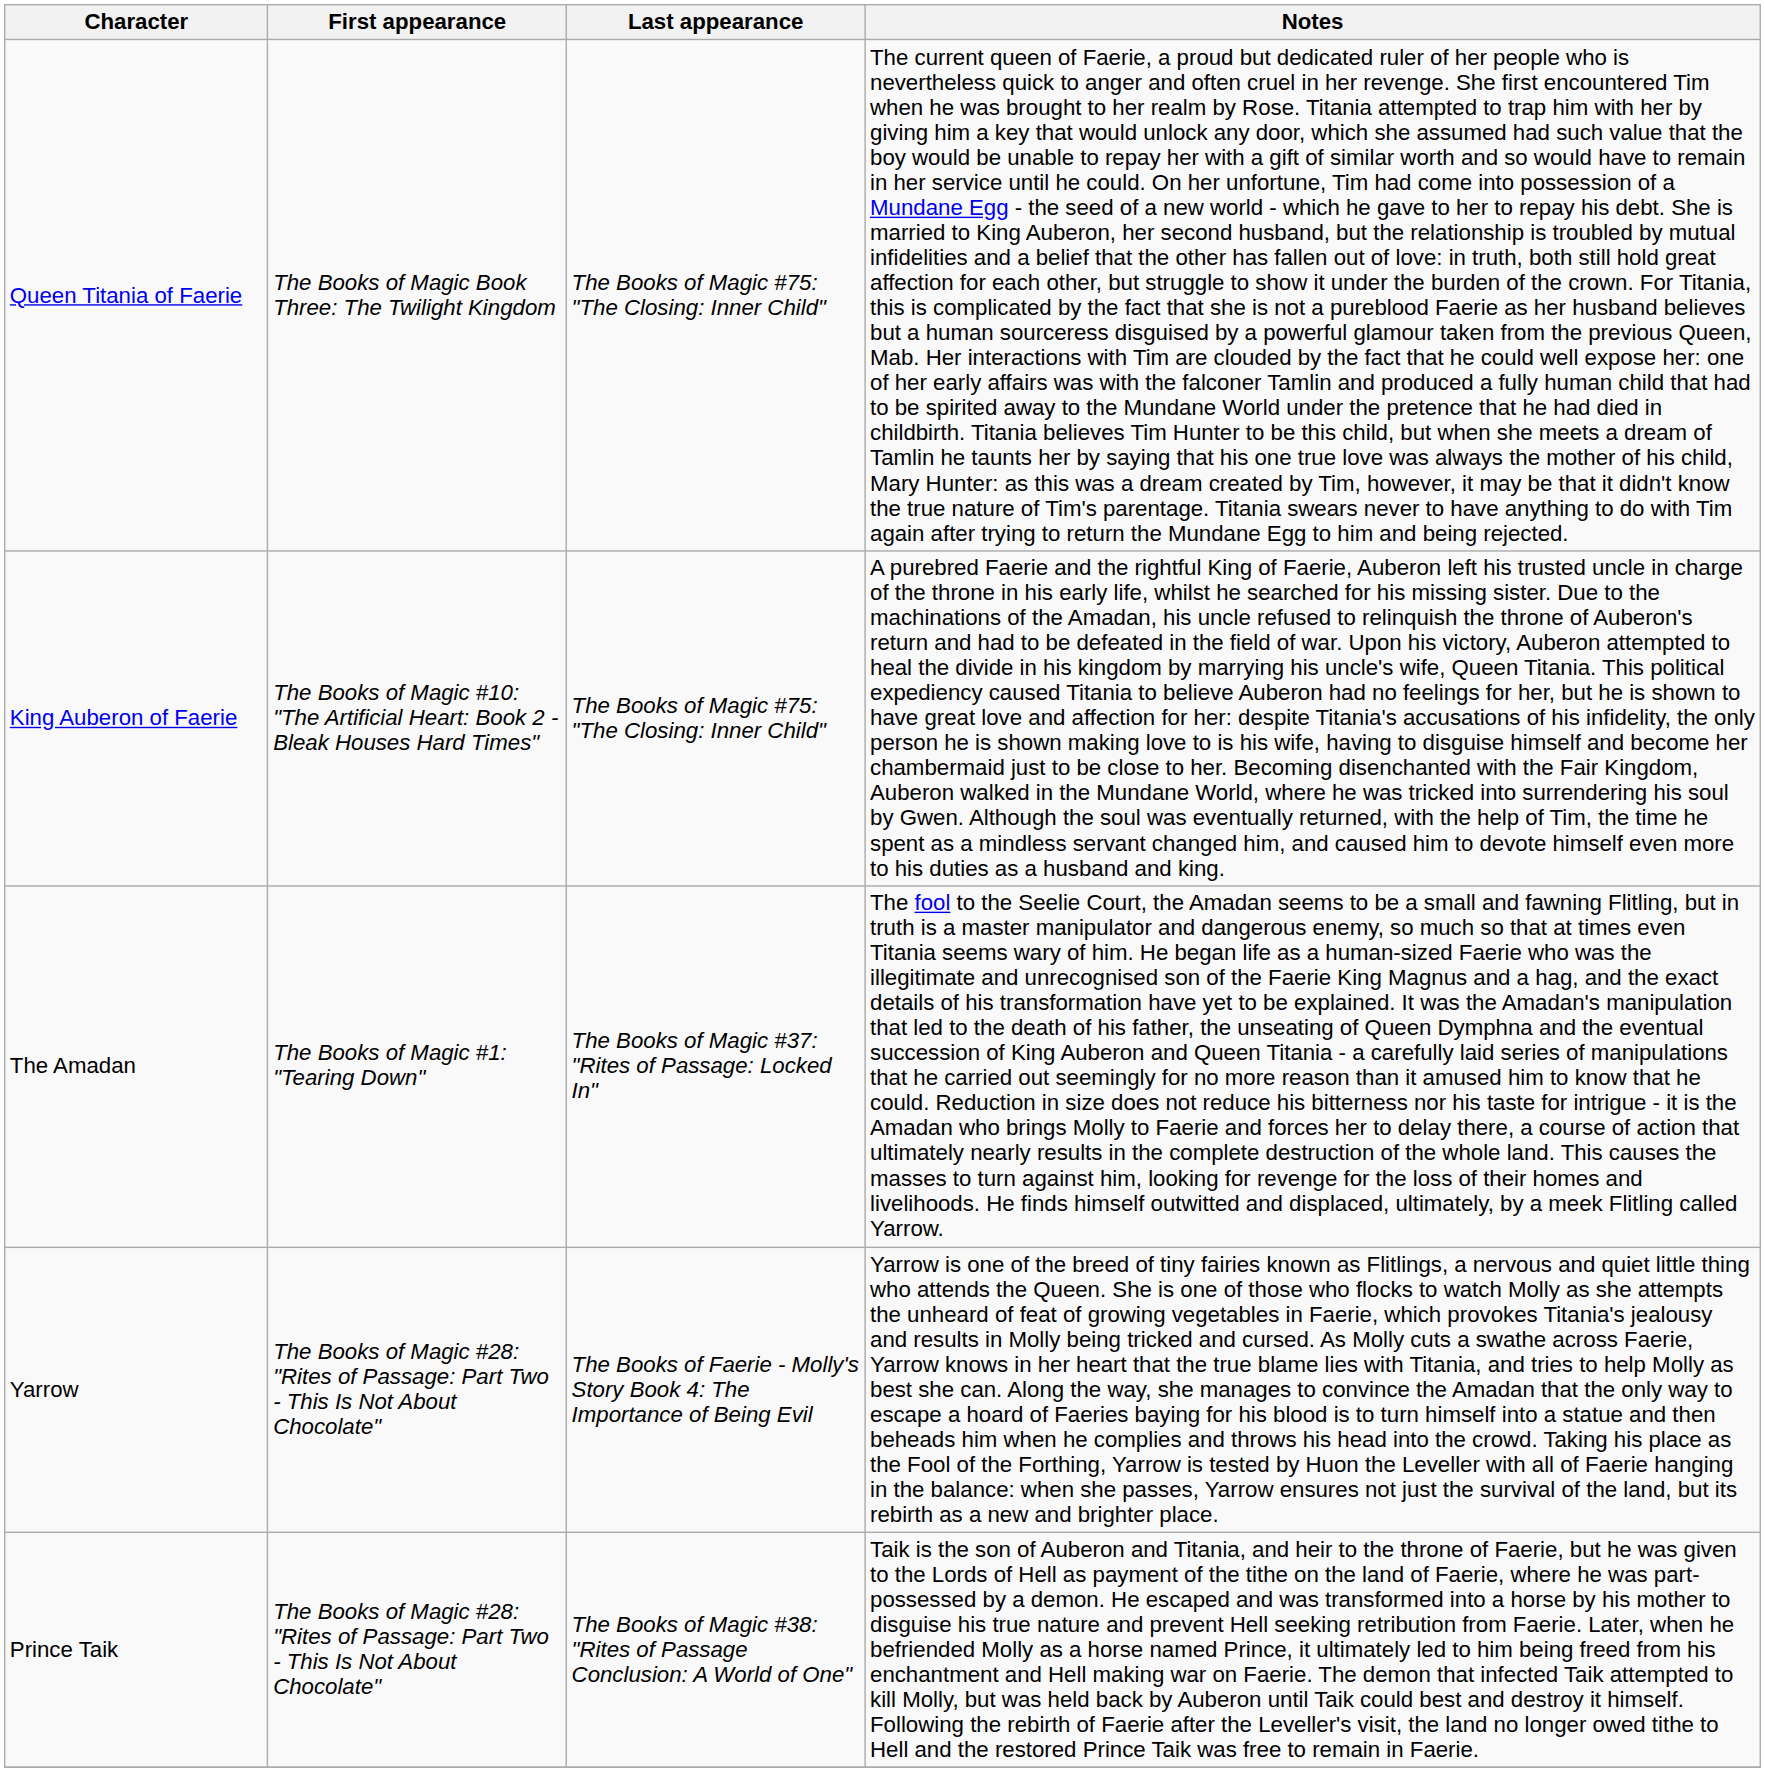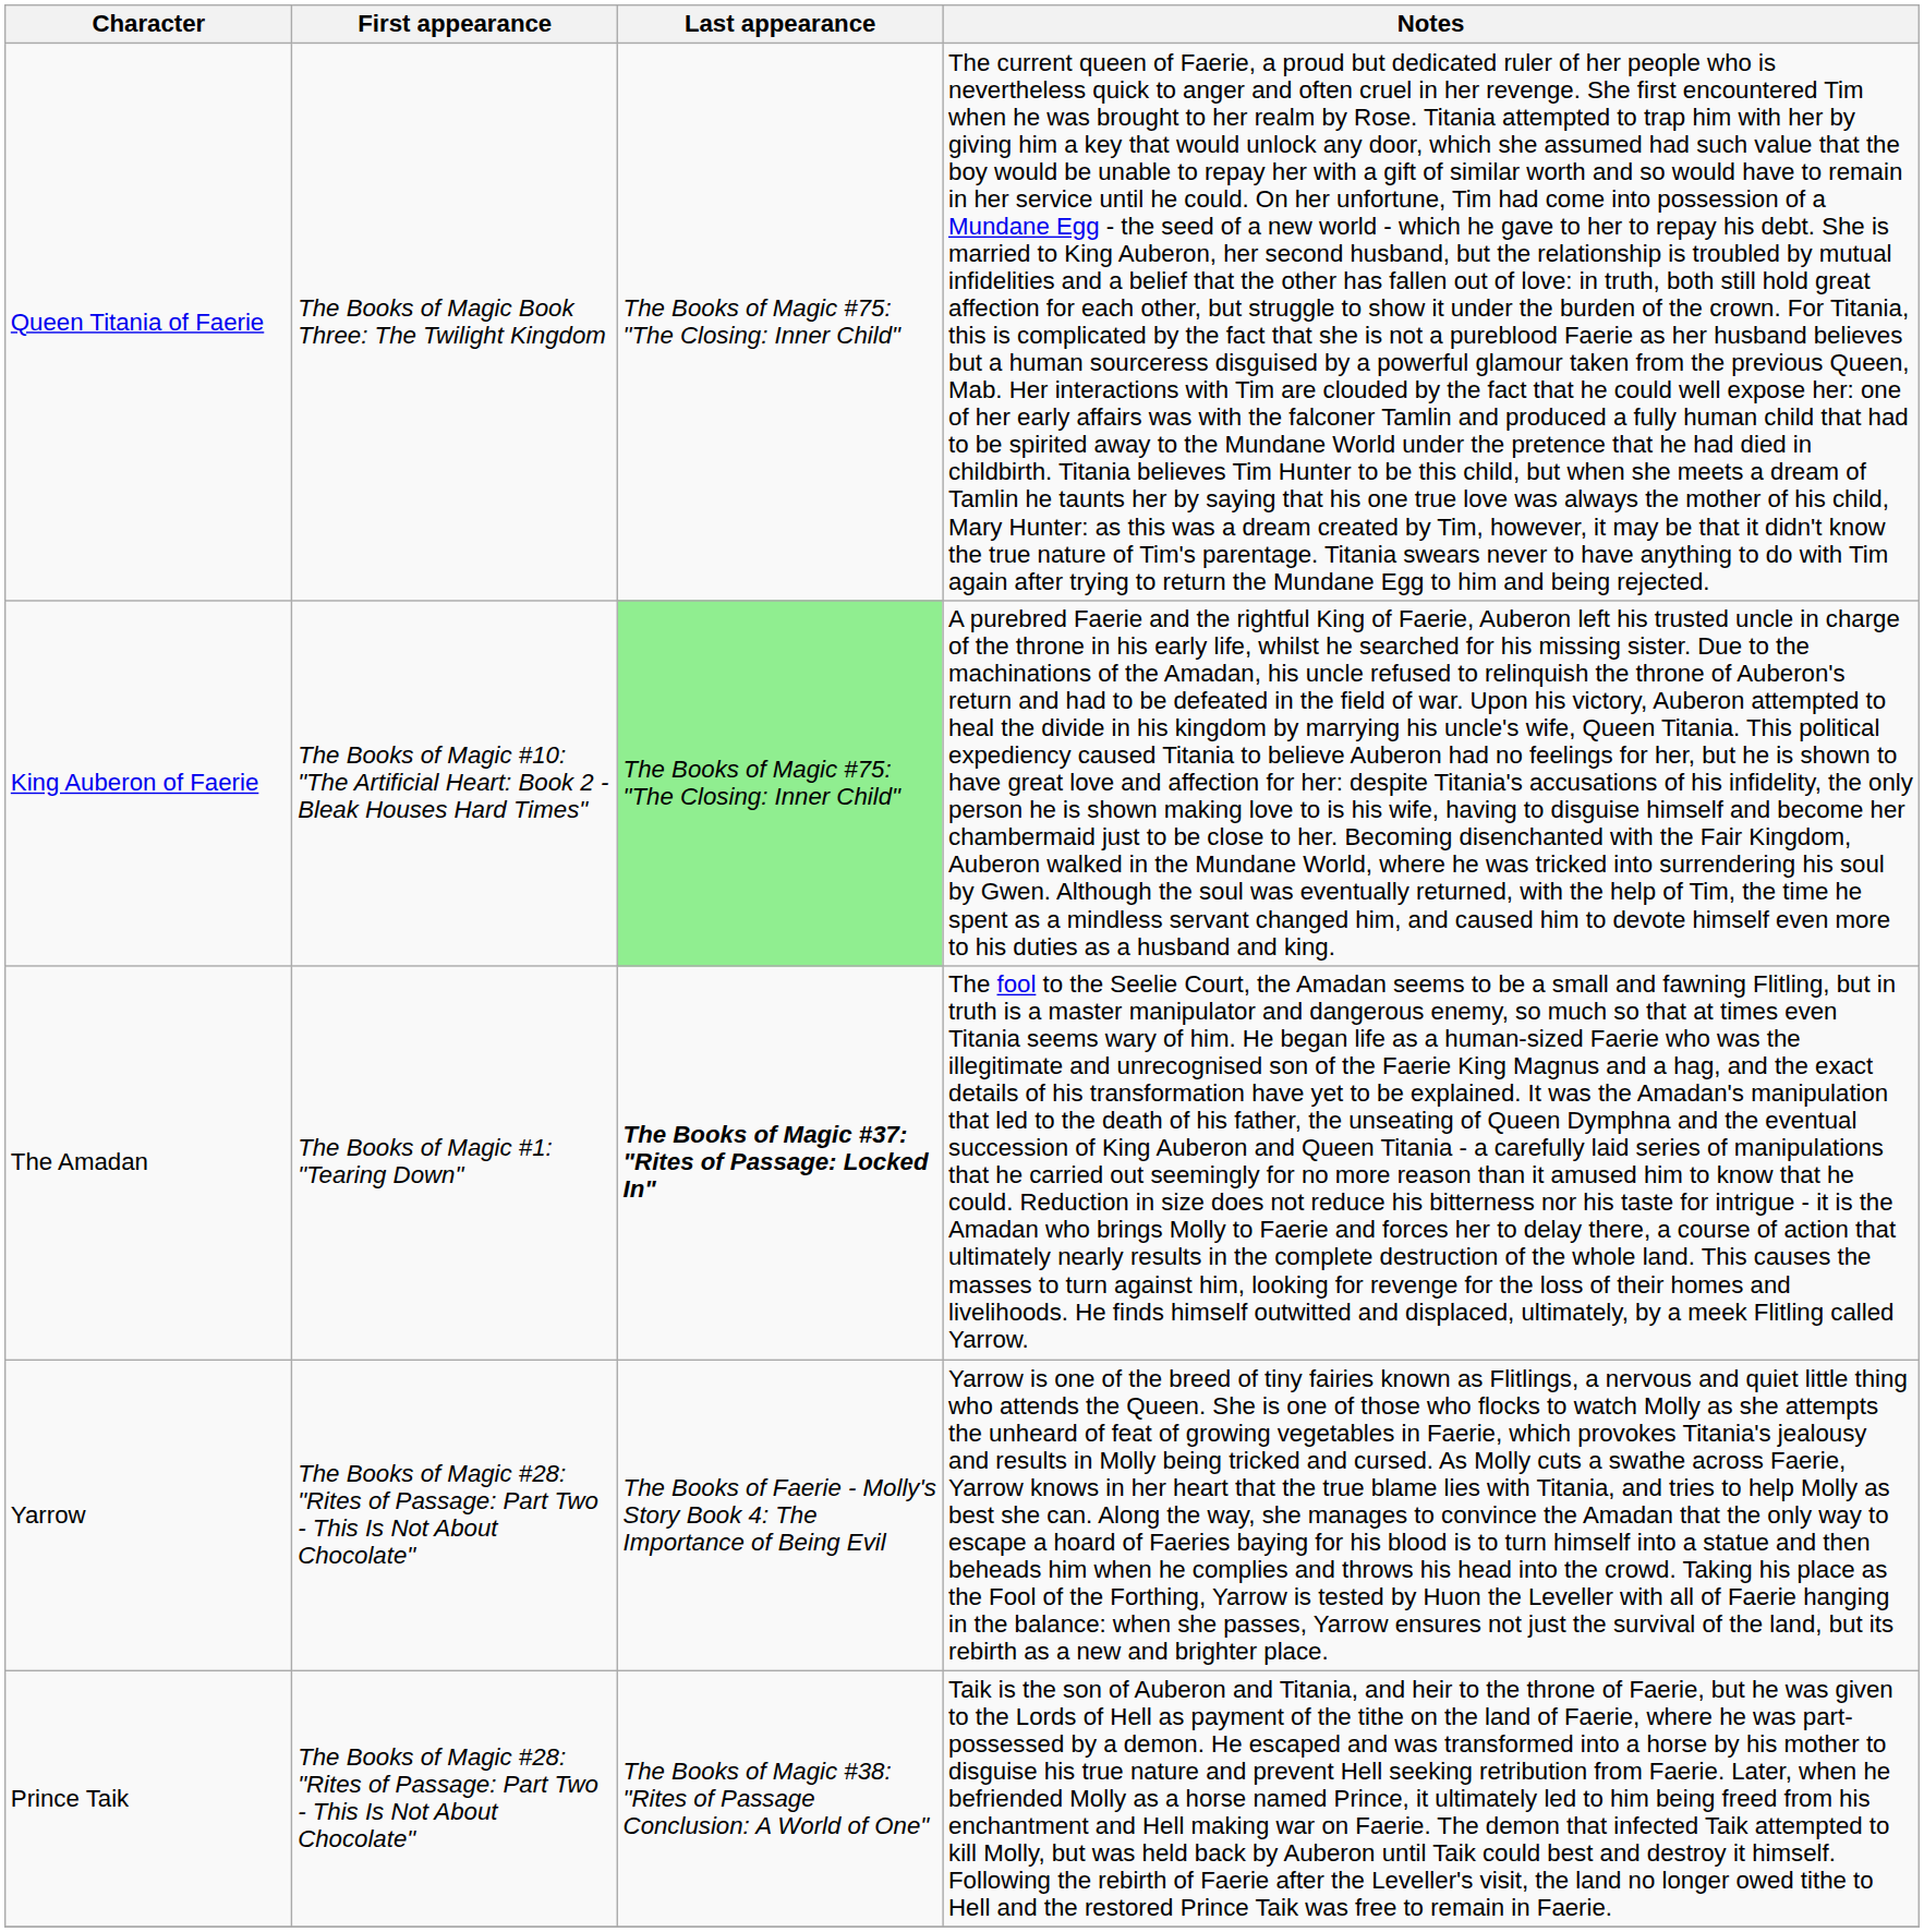 <table class="wikitable" width=100%>
 <tr>
 <th width=15%>Character</th>
 <th width=17%>First appearance</th>
 <th width=17%>Last appearance</th>
 <th width=51%>Notes</th>
 </tr>
 <tr>
 <td><a href='#'>Queen Titania of Faerie</a></td>
 <td><em>The Books of Magic Book Three: The Twilight Kingdom</em></td>
 <td><em>The Books of Magic #75: "The Closing: Inner Child"</em></td>
 <td>The current queen of Faerie, a proud but dedicated ruler of her people who is nevertheless quick to anger and often cruel in her revenge. She first encountered Tim when he was brought to her realm by Rose. Titania attempted to trap him with her by giving him a key that would unlock any door, which she assumed had such value that the boy would be unable to repay her with a gift of similar worth and so would have to remain in her service until he could. On her unfortune, Tim had come into possession of a <a href='#'>Mundane Egg</a> - the seed of a new world - which he gave to her to repay his debt. She is married to King Auberon, her second husband, but the relationship is troubled by mutual infidelities and a belief that the other has fallen out of love: in truth, both still hold great affection for each other, but struggle to show it under the burden of the crown. For Titania, this is complicated by the fact that she is not a pureblood Faerie as her husband believes but a human sourceress disguised by a powerful glamour taken from the previous Queen, Mab. Her interactions with Tim are clouded by the fact that he could well expose her: one of her early affairs was with the falconer Tamlin and produced a fully human child that had to be spirited away to the Mundane World under the pretence that he had died in childbirth. Titania believes Tim Hunter to be this child, but when she meets a dream of Tamlin he taunts her by saying that his one true love was always the mother of his child, Mary Hunter: as this was a dream created by Tim, however, it may be that it didn't know the true nature of Tim's parentage. Titania swears never to have anything to do with Tim again after trying to return the Mundane Egg to him and being rejected.</td>
 </tr>
 <tr>
 <td><a href='#'>King Auberon of Faerie</a></td>
 <td><em>The Books of Magic #10: "The Artificial Heart: Book 2 - Bleak Houses Hard Times"</em></td>
-<td><em>The Books of Magic #75: "The Closing: Inner Child"</em></td>
+<td style="background: lightgreen;"><em>The Books of Magic #75: "The Closing: Inner Child"</em></td>
 <td>A purebred Faerie and the rightful King of Faerie, Auberon left his trusted uncle in charge of the throne in his early life, whilst he searched for his missing sister. Due to the machinations of the Amadan, his uncle refused to relinquish the throne of Auberon's return and had to be defeated in the field of war. Upon his victory, Auberon attempted to heal the divide in his kingdom by marrying his uncle's wife, Queen Titania. This political expediency caused Titania to believe Auberon had no feelings for her, but he is shown to have great love and affection for her: despite Titania's accusations of his infidelity, the only person he is shown making love to is his wife, having to disguise himself and become her chambermaid just to be close to her. Becoming disenchanted with the Fair Kingdom, Auberon walked in the Mundane World, where he was tricked into surrendering his soul by Gwen. Although the soul was eventually returned, with the help of Tim, the time he spent as a mindless servant changed him, and caused him to devote himself even more to his duties as a husband and king.</td>
 </tr>
 <tr>
 <td>The Amadan</td>
 <td><em>The Books of Magic #1: "Tearing Down"</em></td>
-<td><em>The Books of Magic #37: "Rites of Passage: Locked In"</em></td>
+<td><strong><em>The Books of Magic #37: "Rites of Passage: Locked In"</em></strong></td>
 <td>The <a href='#'>fool</a> to the Seelie Court, the Amadan seems to be a small and fawning Flitling, but in truth is a master manipulator and dangerous enemy, so much so that at times even Titania seems wary of him. He began life as a human-sized Faerie who was the illegitimate and unrecognised son of the Faerie King Magnus and a hag, and the exact details of his transformation have yet to be explained. It was the Amadan's manipulation that led to the death of his father, the unseating of Queen Dymphna and the eventual succession of King Auberon and Queen Titania - a carefully laid series of manipulations that he carried out seemingly for no more reason than it amused him to know that he could. Reduction in size does not reduce his bitterness nor his taste for intrigue - it is the Amadan who brings Molly to Faerie and forces her to delay there, a course of action that ultimately nearly results in the complete destruction of the whole land. This causes the masses to turn against him, looking for revenge for the loss of their homes and livelihoods. He finds himself outwitted and displaced, ultimately, by a meek Flitling called Yarrow.</td>
 </tr>
 <tr>
 <td>Yarrow</td>
 <td><em>The Books of Magic #28: "Rites of Passage: Part Two - This Is Not About Chocolate"</em></td>
 <td><em>The Books of Faerie - Molly's Story Book 4: The Importance of Being Evil</em></td>
 <td>Yarrow is one of the breed of tiny fairies known as Flitlings, a nervous and quiet little thing who attends the Queen. She is one of those who flocks to watch Molly as she attempts the unheard of feat of growing vegetables in Faerie, which provokes Titania's jealousy and results in Molly being tricked and cursed. As Molly cuts a swathe across Faerie, Yarrow knows in her heart that the true blame lies with Titania, and tries to help Molly as best she can. Along the way, she manages to convince the Amadan that the only way to escape a hoard of Faeries baying for his blood is to turn himself into a statue and then beheads him when he complies and throws his head into the crowd. Taking his place as the Fool of the Forthing, Yarrow is tested by Huon the Leveller with all of Faerie hanging in the balance: when she passes, Yarrow ensures not just the survival of the land, but its rebirth as a new and brighter place.</td>
 </tr>
 <tr>
 <td>Prince Taik</td>
 <td><em>The Books of Magic #28: "Rites of Passage: Part Two - This Is Not About Chocolate"</em></td>
 <td><em>The Books of Magic #38: "Rites of Passage Conclusion: A World of One"</em></td>
 <td>Taik is the son of Auberon and Titania, and heir to the throne of Faerie, but he was given to the Lords of Hell as payment of the tithe on the land of Faerie, where he was part-possessed by a demon. He escaped and was transformed into a horse by his mother to disguise his true nature and prevent Hell seeking retribution from Faerie. Later, when he befriended Molly as a horse named Prince, it ultimately led to him being freed from his enchantment and Hell making war on Faerie. The demon that infected Taik attempted to kill Molly, but was held back by Auberon until Taik could best and destroy it himself. Following the rebirth of Faerie after the Leveller's visit, the land no longer owed tithe to Hell and the restored Prince Taik was free to remain in Faerie.</td>
 </tr>
 <tr>
 </tr>
 </table>
